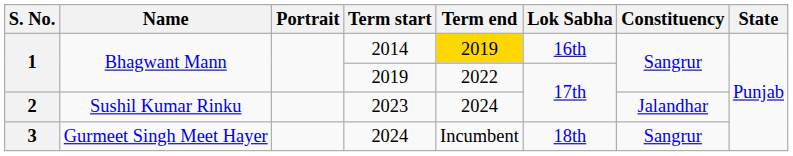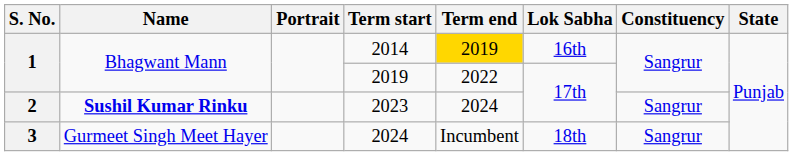 <table class="wikitable sortable" style="text-align:center;">
 <tr>
 <th Style="background-color:">S. No.</th>
 <th Style="background-color:">Name</th>
 <th style="background-color:">Portrait</th>
 <th style="background-color:">Term start</th>
 <th Style="background-color:">Term end</th>
 <th Style="background-color:">Lok Sabha</th>
 <th Style="background-color:">Constituency</th>
 <th Style="background-color:">State</th>
 </tr>
 <tr>
 <th rowspan=2>1</th>
 <td rowspan=2><a href='#'>Bhagwant Mann</a></td>
 <td rowspan=2></td>
 <td>2014</td>
 <td style="background: gold;">2019</td>
 <td><a href='#'>16th</a></td>
 <td rowspan=2><a href='#'>Sangrur</a></td>
 <td rowspan=4><a href='#'>Punjab</a></td>
 </tr>
 <tr>
 <td>2019</td>
 <td>2022</td>
 <td rowspan=2><a href='#'>17th</a></td>
 </tr>
 <tr>
 <th>2</th>
-<td><a href='#'>Sushil Kumar Rinku</a></td>
+<td><strong><a href='#'>Sushil Kumar Rinku</a></strong></td>
 <td></td>
 <td>2023</td>
 <td>2024</td>
-<td><a href='#'>Jalandhar</a></td>
+<td><a href='#'>Sangrur</a></td>
 </tr>
 <tr>
 <th>3</th>
 <td><a href='#'>Gurmeet Singh Meet Hayer</a></td>
 <td></td>
 <td>2024</td>
 <td>Incumbent</td>
 <td><a href='#'>18th</a></td>
 <td><a href='#'>Sangrur</a></td>
 </tr>
 </table>
